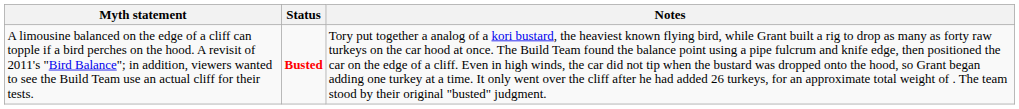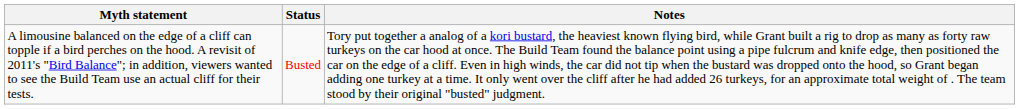 <table class="wikitable plainrowheaders">
 <tr>
 <th>Myth statement</th>
 <th>Status</th>
 <th>Notes</th>
 </tr>
 <tr>
 <td>A limousine balanced on the edge of a cliff can topple if a bird perches on the hood. A revisit of 2011's "<a href='#'>Bird Balance</a>"; in addition, viewers wanted to see the Build Team use an actual cliff for their tests.</td>
-<td style="color:red"><strong>Busted</strong></td>
+<td style="color:red">Busted</td>
 <td>Tory put together a  analog of a <a href='#'>kori bustard</a>, the heaviest known flying bird, while Grant built a rig to drop as many as forty  raw turkeys on the car hood at once. The Build Team found the balance point using a pipe fulcrum and knife edge, then positioned the car on the edge of a  cliff. Even in high winds, the car did not tip when the bustard was dropped onto the hood, so Grant began adding one turkey at a time. It only went over the cliff after he had added 26 turkeys, for an approximate total weight of . The team stood by their original "busted" judgment.</td>
 </tr>
 </table>
